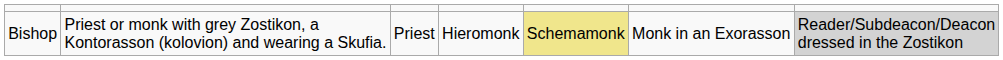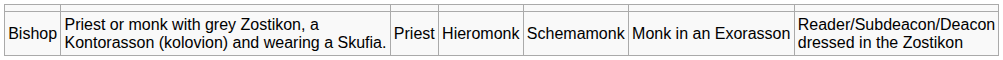 <table class="wikitable">
 <tr>
 <td></td>
 <td></td>
 <td></td>
 <td></td>
 <td></td>
 <td></td>
 <td></td>
 </tr>
 <tr>
 <td>Bishop</td>
 <td>Priest or monk with grey Zostikon, a <br> Kontorasson (kolovion) and wearing a Skufia.</td>
 <td>Priest</td>
 <td>Hieromonk</td>
-<td style="background: khaki;">Schemamonk</td>
+<td>Schemamonk</td>
 <td>Monk in an Exorasson</td>
-<td style="background: lightgrey;">Reader/Subdeacon/Deacon <br> dressed in the Zostikon</td>
+<td>Reader/Subdeacon/Deacon <br> dressed in the Zostikon</td>
 </tr>
 </table>
